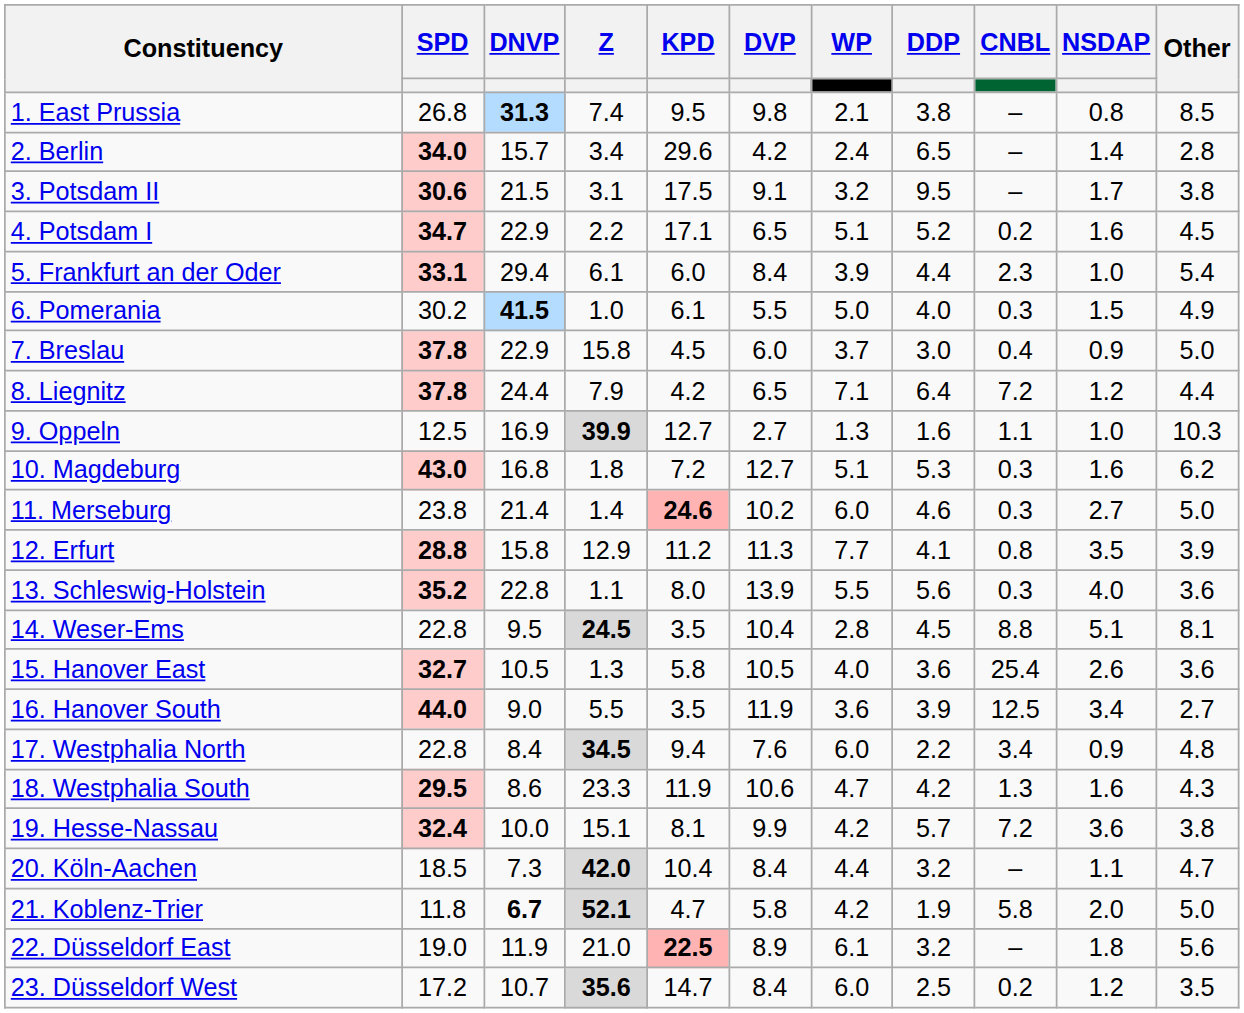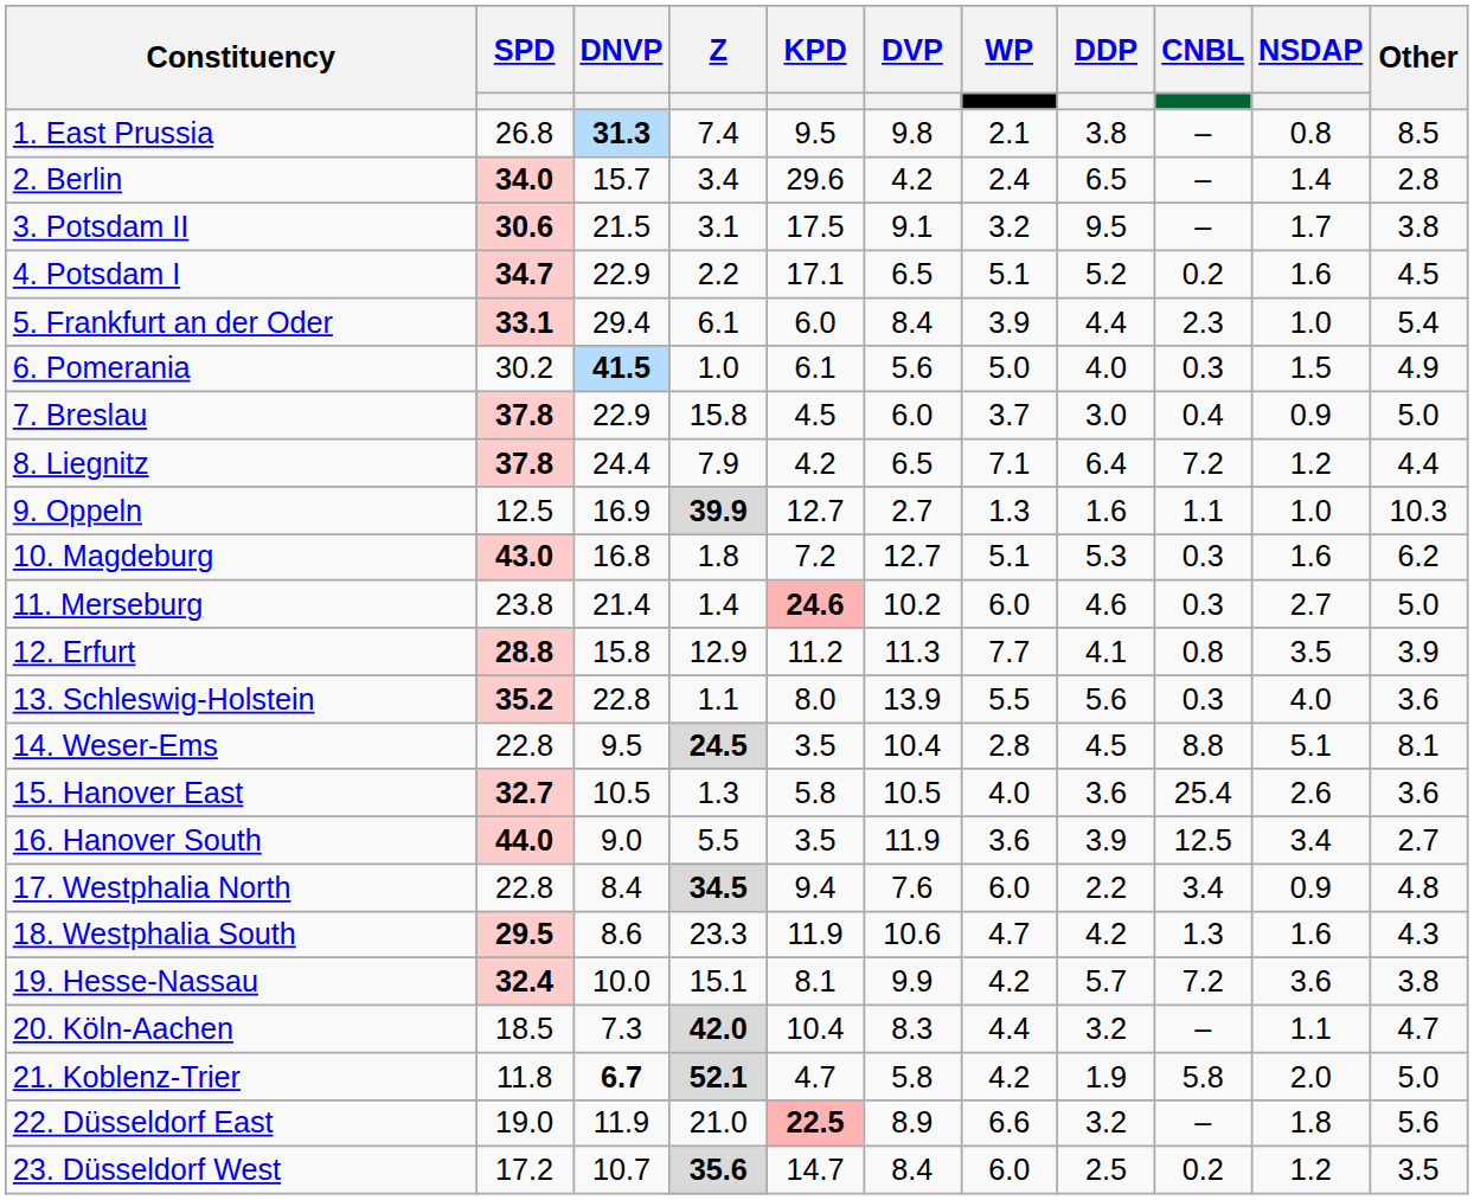 <table class="wikitable sortable" style="text-align:center; font-size:90%;">
 <tr style="height:42px; text-align:center; background-color:#E9E9E9;">
 <th rowspan="2" style="width:220px;">Constituency</th>
 <th style="width:40px;"><a href='#'>SPD</a></th>
 <th style="width:40px;"><a href='#'>DNVP</a></th>
 <th style="width:40px;"><a href='#'>Z</a></th>
 <th style="width:40px;"><a href='#'>KPD</a></th>
 <th style="width:40px;"><a href='#'>DVP</a></th>
 <th style="width:40px;"><a href='#'>WP</a></th>
 <th style="width:40px;"><a href='#'>DDP</a></th>
 <th style="width:40px;"><a href='#'>CNBL</a></th>
 <th style="width:40px;"><a href='#'>NSDAP</a></th>
 <th rowspan="2" style="width:40px;">Other</th>
 </tr>
 <tr>
 <th data-sort-type="number" style="height:1px; background:"></th>
 <th data-sort-type="number" style="height:1px; background:"></th>
 <th data-sort-type="number" style="height:1px; background:"></th>
 <th data-sort-type="number" style="height:1px; background:"></th>
 <th data-sort-type="number" style="height:1px; background:"></th>
 <th data-sort-type="number" style="height:1px; background:black;"></th>
 <th data-sort-type="number" style="height:1px; background:"></th>
 <th data-sort-type="number" style="height:1px; background:#006432;"></th>
 <th data-sort-type="number" style="height:1px; background:"></th>
 </tr>
 <tr>
 <td align="left"><a href='#'>1. East Prussia</a></td>
 <td>26.8</td>
 <td style="background:#B3DCFF"><strong>31.3</strong></td>
 <td>7.4</td>
 <td>9.5</td>
 <td>9.8</td>
 <td>2.1</td>
 <td>3.8</td>
 <td>–</td>
 <td>0.8</td>
 <td>8.5</td>
 </tr>
 <tr>
 <td align="left"><a href='#'>2. Berlin</a></td>
 <td style="background:#FFCCCC"><strong>34.0</strong></td>
 <td>15.7</td>
 <td>3.4</td>
 <td>29.6</td>
 <td>4.2</td>
 <td>2.4</td>
 <td>6.5</td>
 <td>–</td>
 <td>1.4</td>
 <td>2.8</td>
 </tr>
 <tr>
 <td align="left"><a href='#'>3. Potsdam II</a></td>
 <td style="background:#FFCCCC"><strong>30.6</strong></td>
 <td>21.5</td>
 <td>3.1</td>
 <td>17.5</td>
 <td>9.1</td>
 <td>3.2</td>
 <td>9.5</td>
 <td>–</td>
 <td>1.7</td>
 <td>3.8</td>
 </tr>
 <tr>
 <td align="left"><a href='#'>4. Potsdam I</a></td>
 <td style="background:#FFCCCC"><strong>34.7</strong></td>
 <td>22.9</td>
 <td>2.2</td>
 <td>17.1</td>
 <td>6.5</td>
 <td>5.1</td>
 <td>5.2</td>
 <td>0.2</td>
 <td>1.6</td>
 <td>4.5</td>
 </tr>
 <tr>
 <td align="left"><a href='#'>5. Frankfurt an der Oder</a></td>
 <td style="background:#FFCCCC"><strong>33.1</strong></td>
 <td>29.4</td>
 <td>6.1</td>
 <td>6.0</td>
 <td>8.4</td>
 <td>3.9</td>
 <td>4.4</td>
 <td>2.3</td>
 <td>1.0</td>
 <td>5.4</td>
 </tr>
 <tr>
 <td align="left"><a href='#'>6. Pomerania</a></td>
 <td>30.2</td>
 <td style="background:#B3DCFF"><strong>41.5</strong></td>
 <td>1.0</td>
 <td>6.1</td>
-<td>5.5</td>
+<td>5.6</td>
 <td>5.0</td>
 <td>4.0</td>
 <td>0.3</td>
 <td>1.5</td>
 <td>4.9</td>
 </tr>
 <tr>
 <td align="left"><a href='#'>7. Breslau</a></td>
 <td style="background:#FFCCCC"><strong>37.8</strong></td>
 <td>22.9</td>
 <td>15.8</td>
 <td>4.5</td>
 <td>6.0</td>
 <td>3.7</td>
 <td>3.0</td>
 <td>0.4</td>
 <td>0.9</td>
 <td>5.0</td>
 </tr>
 <tr>
 <td align="left"><a href='#'>8. Liegnitz</a></td>
 <td style="background:#FFCCCC"><strong>37.8</strong></td>
 <td>24.4</td>
 <td>7.9</td>
 <td>4.2</td>
 <td>6.5</td>
 <td>7.1</td>
 <td>6.4</td>
 <td>7.2</td>
 <td>1.2</td>
 <td>4.4</td>
 </tr>
 <tr>
 <td align="left"><a href='#'>9. Oppeln</a></td>
 <td>12.5</td>
 <td>16.9</td>
 <td style="background:#D9D9D9"><strong>39.9</strong></td>
 <td>12.7</td>
 <td>2.7</td>
 <td>1.3</td>
 <td>1.6</td>
 <td>1.1</td>
 <td>1.0</td>
 <td>10.3</td>
 </tr>
 <tr>
 <td align="left"><a href='#'>10. Magdeburg</a></td>
 <td style="background:#FFCCCC"><strong>43.0</strong></td>
 <td>16.8</td>
 <td>1.8</td>
 <td>7.2</td>
 <td>12.7</td>
 <td>5.1</td>
 <td>5.3</td>
 <td>0.3</td>
 <td>1.6</td>
 <td>6.2</td>
 </tr>
 <tr>
 <td align="left"><a href='#'>11. Merseburg</a></td>
 <td>23.8</td>
 <td>21.4</td>
 <td>1.4</td>
 <td style="background:#FFB3B3"><strong>24.6</strong></td>
 <td>10.2</td>
 <td>6.0</td>
 <td>4.6</td>
 <td>0.3</td>
 <td>2.7</td>
 <td>5.0</td>
 </tr>
 <tr>
 <td align="left"><a href='#'>12. Erfurt</a></td>
 <td style="background:#FFCCCC"><strong>28.8</strong></td>
 <td>15.8</td>
 <td>12.9</td>
 <td>11.2</td>
 <td>11.3</td>
 <td>7.7</td>
 <td>4.1</td>
 <td>0.8</td>
 <td>3.5</td>
 <td>3.9</td>
 </tr>
 <tr>
 <td align="left"><a href='#'>13. Schleswig-Holstein</a></td>
 <td style="background:#FFCCCC"><strong>35.2</strong></td>
 <td>22.8</td>
 <td>1.1</td>
 <td>8.0</td>
 <td>13.9</td>
 <td>5.5</td>
 <td>5.6</td>
 <td>0.3</td>
 <td>4.0</td>
 <td>3.6</td>
 </tr>
 <tr>
 <td align="left"><a href='#'>14. Weser-Ems</a></td>
 <td>22.8</td>
 <td>9.5</td>
 <td style="background:#D9D9D9"><strong>24.5</strong></td>
 <td>3.5</td>
 <td>10.4</td>
 <td>2.8</td>
 <td>4.5</td>
 <td>8.8</td>
 <td>5.1</td>
 <td>8.1</td>
 </tr>
 <tr>
 <td align="left"><a href='#'>15. Hanover East</a></td>
 <td style="background:#FFCCCC"><strong>32.7</strong></td>
 <td>10.5</td>
 <td>1.3</td>
 <td>5.8</td>
 <td>10.5</td>
 <td>4.0</td>
 <td>3.6</td>
 <td>25.4</td>
 <td>2.6</td>
 <td>3.6</td>
 </tr>
 <tr>
 <td align="left"><a href='#'>16. Hanover South</a></td>
 <td style="background:#FFCCCC"><strong>44.0</strong></td>
 <td>9.0</td>
 <td>5.5</td>
 <td>3.5</td>
 <td>11.9</td>
 <td>3.6</td>
 <td>3.9</td>
 <td>12.5</td>
 <td>3.4</td>
 <td>2.7</td>
 </tr>
 <tr>
 <td align="left"><a href='#'>17. Westphalia North</a></td>
 <td>22.8</td>
 <td>8.4</td>
 <td style="background:#D9D9D9"><strong>34.5</strong></td>
 <td>9.4</td>
 <td>7.6</td>
 <td>6.0</td>
 <td>2.2</td>
 <td>3.4</td>
 <td>0.9</td>
 <td>4.8</td>
 </tr>
 <tr>
 <td align="left"><a href='#'>18. Westphalia South</a></td>
 <td style="background:#FFCCCC"><strong>29.5</strong></td>
 <td>8.6</td>
 <td>23.3</td>
 <td>11.9</td>
 <td>10.6</td>
 <td>4.7</td>
 <td>4.2</td>
 <td>1.3</td>
 <td>1.6</td>
 <td>4.3</td>
 </tr>
 <tr>
 <td align="left"><a href='#'>19. Hesse-Nassau</a></td>
 <td style="background:#FFCCCC"><strong>32.4</strong></td>
 <td>10.0</td>
 <td>15.1</td>
 <td>8.1</td>
 <td>9.9</td>
 <td>4.2</td>
 <td>5.7</td>
 <td>7.2</td>
 <td>3.6</td>
 <td>3.8</td>
 </tr>
 <tr>
 <td align="left"><a href='#'>20. Köln-Aachen</a></td>
 <td>18.5</td>
 <td>7.3</td>
 <td style="background:#D9D9D9"><strong>42.0</strong></td>
 <td>10.4</td>
-<td>8.4</td>
+<td>8.3</td>
 <td>4.4</td>
 <td>3.2</td>
 <td>–</td>
 <td>1.1</td>
 <td>4.7</td>
 </tr>
 <tr>
 <td align="left"><a href='#'>21. Koblenz-Trier</a></td>
 <td>11.8</td>
 <td><strong>6.7</strong></td>
 <td style="background:#D9D9D9"><strong>52.1</strong></td>
 <td>4.7</td>
 <td>5.8</td>
 <td>4.2</td>
 <td>1.9</td>
 <td>5.8</td>
 <td>2.0</td>
 <td>5.0</td>
 </tr>
 <tr>
 <td align="left"><a href='#'>22. Düsseldorf East</a></td>
 <td>19.0</td>
 <td>11.9</td>
 <td>21.0</td>
 <td style="background:#FFB3B3"><strong>22.5</strong></td>
 <td>8.9</td>
-<td>6.1</td>
+<td>6.6</td>
 <td>3.2</td>
 <td>–</td>
 <td>1.8</td>
 <td>5.6</td>
 </tr>
 <tr>
 <td align="left"><a href='#'>23. Düsseldorf West</a></td>
 <td>17.2</td>
 <td>10.7</td>
 <td style="background:#D9D9D9"><strong>35.6</strong></td>
 <td>14.7</td>
 <td>8.4</td>
 <td>6.0</td>
 <td>2.5</td>
 <td>0.2</td>
 <td>1.2</td>
 <td>3.5</td>
 </tr>
 </table>
